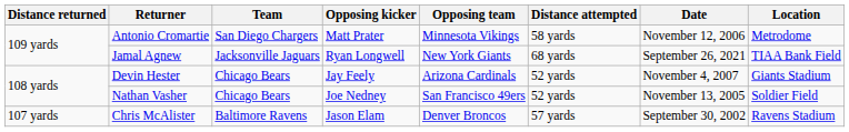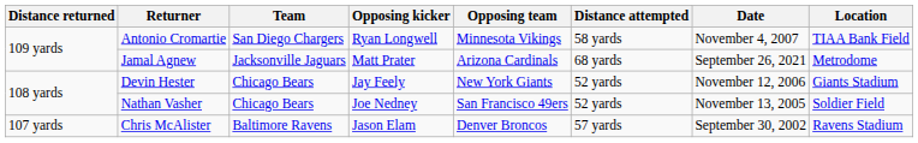 <table class=wikitable>
 <tr>
 <th>Distance returned</th>
 <th>Returner</th>
 <th>Team</th>
 <th>Opposing kicker</th>
 <th>Opposing team</th>
 <th>Distance attempted</th>
 <th>Date</th>
 <th>Location</th>
 </tr>
 <tr>
 <td rowspan="2">109 yards</td>
 <td><a href='#'>Antonio Cromartie</a></td>
 <td><a href='#'>San Diego Chargers</a></td>
-<td><a href='#'>Matt Prater</a></td>
+<td><a href='#'>Ryan Longwell</a></td>
 <td><a href='#'>Minnesota Vikings</a></td>
 <td>58 yards</td>
-<td>November 12, 2006</td>
-<td><a href='#'>Metrodome</a></td>
+<td>November 4, 2007</td>
+<td><a href='#'>TIAA Bank Field</a></td>
 </tr>
 <tr>
 <td><a href='#'>Jamal Agnew</a></td>
 <td><a href='#'>Jacksonville Jaguars</a></td>
-<td><a href='#'>Ryan Longwell</a></td>
-<td><a href='#'>New York Giants</a></td>
+<td><a href='#'>Matt Prater</a></td>
+<td><a href='#'>Arizona Cardinals</a></td>
 <td>68 yards</td>
 <td>September 26, 2021</td>
-<td><a href='#'>TIAA Bank Field</a></td>
+<td><a href='#'>Metrodome</a></td>
 </tr>
 <tr>
 <td rowspan="2">108 yards</td>
 <td><a href='#'>Devin Hester</a></td>
 <td><a href='#'>Chicago Bears</a></td>
 <td><a href='#'>Jay Feely</a></td>
-<td><a href='#'>Arizona Cardinals</a></td>
+<td><a href='#'>New York Giants</a></td>
 <td>52 yards</td>
-<td>November 4, 2007</td>
+<td>November 12, 2006</td>
 <td><a href='#'>Giants Stadium</a></td>
 </tr>
 <tr>
 <td><a href='#'>Nathan Vasher</a></td>
 <td><a href='#'>Chicago Bears</a></td>
 <td><a href='#'>Joe Nedney</a></td>
 <td><a href='#'>San Francisco 49ers</a></td>
 <td>52 yards</td>
 <td>November 13, 2005</td>
 <td><a href='#'>Soldier Field</a></td>
 </tr>
 <tr>
 <td>107 yards</td>
 <td><a href='#'>Chris McAlister</a></td>
 <td><a href='#'>Baltimore Ravens</a></td>
 <td><a href='#'>Jason Elam</a></td>
 <td><a href='#'>Denver Broncos</a></td>
 <td>57 yards</td>
 <td>September 30, 2002</td>
 <td><a href='#'>Ravens Stadium</a></td>
 </tr>
 </table>
